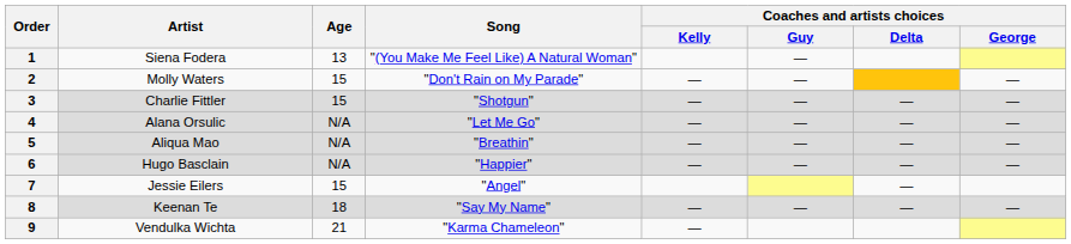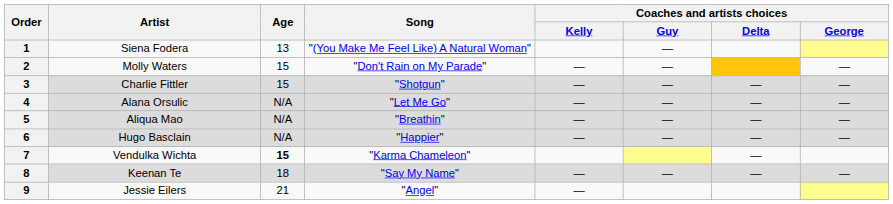 <table class="wikitable" style="text-align:center; width:100%;">
 <tr>
 <th scope="col" rowspan="2" style="width:05%;">Order</th>
 <th scope="col" rowspan="2" style="width:24%;">Artist</th>
 <th scope="col" rowspan="2" style="width:05%;">Age</th>
 <th scope="col" rowspan="2" style="width:26%;">Song</th>
 <th colspan="4" style="width:40%;">Coaches and artists choices</th>
 </tr>
 <tr>
 <th style="width:10%;"><a href='#'>Kelly</a></th>
 <th style="width:10%;"><a href='#'>Guy</a></th>
 <th style="width:10%;"><a href='#'>Delta</a></th>
 <th style="width:10%;"><a href='#'>George</a></th>
 </tr>
 <tr>
 <th>1</th>
 <td>Siena Fodera</td>
 <td>13</td>
 <td>"<a href='#'>(You Make Me Feel Like) A Natural Woman</a>"</td>
 <td> <strong></strong> </td>
 <td>—</td>
 <td> <strong></strong> </td>
 <td style="background-color:#FDFC8F;"> <strong></strong> </td>
 </tr>
 <tr>
 <th>2</th>
 <td>Molly Waters</td>
 <td>15</td>
 <td>"<a href='#'>Don't Rain on My Parade</a>"</td>
 <td>—</td>
 <td>—</td>
 <td style="background-color:#FFC40C;"> <strong></strong> </td>
 <td>—</td>
 </tr>
 <tr>
 <th>3</th>
 <td style="background-color:#DCDCDC;">Charlie Fittler</td>
 <td style="background-color:#DCDCDC;">15</td>
 <td style="background-color:#DCDCDC;">"<a href='#'>Shotgun</a>"</td>
 <td style="background-color:#DCDCDC;">—</td>
 <td style="background-color:#DCDCDC;">—</td>
 <td style="background-color:#DCDCDC;">—</td>
 <td style="background-color:#DCDCDC;">—</td>
 </tr>
 <tr>
 <th>4</th>
 <td style="background-color:#DCDCDC;">Alana Orsulic</td>
 <td style="background-color:#DCDCDC;">N/A</td>
 <td style="background-color:#DCDCDC;">"<a href='#'>Let Me Go</a>"</td>
 <td style="background-color:#DCDCDC;">—</td>
 <td style="background-color:#DCDCDC;">—</td>
 <td style="background-color:#DCDCDC;">—</td>
 <td style="background-color:#DCDCDC;">—</td>
 </tr>
 <tr>
 <th>5</th>
 <td style="background-color:#DCDCDC;">Aliqua Mao</td>
 <td style="background-color:#DCDCDC;">N/A</td>
 <td style="background-color:#DCDCDC;">"<a href='#'>Breathin</a>"</td>
 <td style="background-color:#DCDCDC;">—</td>
 <td style="background-color:#DCDCDC;">—</td>
 <td style="background-color:#DCDCDC;">—</td>
 <td style="background-color:#DCDCDC;">—</td>
 </tr>
 <tr>
 <th>6</th>
 <td style="background-color:#DCDCDC;">Hugo Basclain</td>
 <td style="background-color:#DCDCDC;">N/A</td>
 <td style="background-color:#DCDCDC;">"<a href='#'>Happier</a>"</td>
 <td style="background-color:#DCDCDC;">—</td>
 <td style="background-color:#DCDCDC;">—</td>
 <td style="background-color:#DCDCDC;">—</td>
 <td style="background-color:#DCDCDC;">—</td>
 </tr>
 <tr>
 <th>7</th>
-<td>Jessie Eilers</td>
-<td>15</td>
-<td>"<a href='#'>Angel</a>"</td>
+<td>Vendulka Wichta</td>
+<td><strong>15</strong></td>
+<td>"<a href='#'>Karma Chameleon</a>"</td>
 <td> <strong></strong> </td>
 <td style="background-color:#FDFC8F;"> <strong></strong> </td>
 <td>—</td>
 <td> <strong></strong> </td>
 </tr>
 <tr>
 <th>8</th>
 <td style="background-color:#DCDCDC;">Keenan Te</td>
 <td style="background-color:#DCDCDC;">18</td>
 <td style="background-color:#DCDCDC;">"<a href='#'>Say My Name</a>"</td>
 <td style="background-color:#DCDCDC;">—</td>
 <td style="background-color:#DCDCDC;">—</td>
 <td style="background-color:#DCDCDC;">—</td>
 <td style="background-color:#DCDCDC;">—</td>
 </tr>
 <tr>
 <th>9</th>
-<td>Vendulka Wichta</td>
+<td>Jessie Eilers</td>
 <td>21</td>
-<td>"<a href='#'>Karma Chameleon</a>"</td>
+<td>"<a href='#'>Angel</a>"</td>
 <td>—</td>
 <td> <strong></strong> </td>
 <td> <strong></strong> </td>
 <td style="background-color:#FDFC8F;"> <strong></strong> </td>
 </tr>
 </table>
